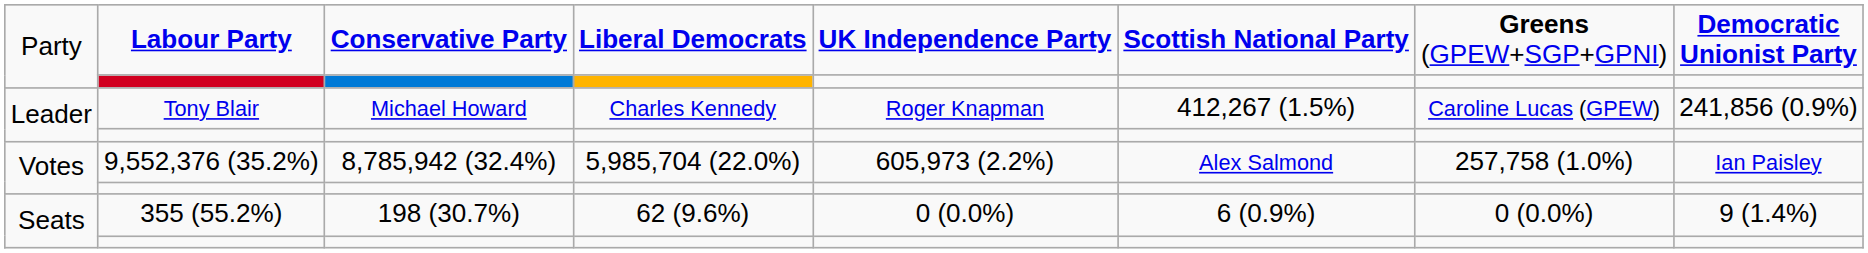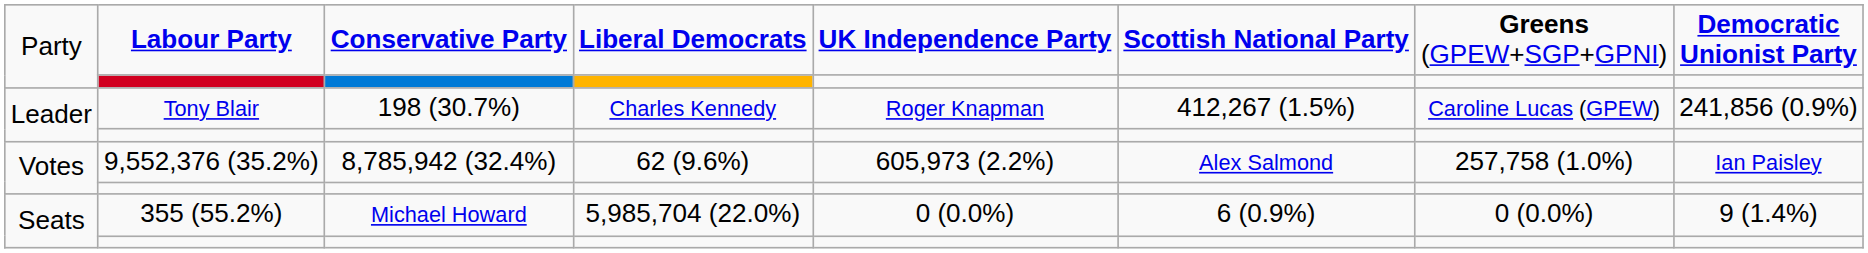 <table class="wikitable" style="text-align:center;">
 <tr>
 <td rowspan=2>Party</td>
 <td><strong><a href='#'>Labour Party</a></strong></td>
 <td><strong><a href='#'>Conservative Party</a></strong></td>
 <td><strong><a href='#'>Liberal Democrats</a></strong></td>
 <td><strong><a href='#'>UK Independence Party</a></strong></td>
 <td><strong><a href='#'>Scottish National Party</a></strong></td>
 <td><strong>Greens</strong><br>(<a href='#'>GPEW</a>+<a href='#'>SGP</a>+<a href='#'>GPNI</a>)</td>
 <td><strong><a href='#'>Democratic <br>Unionist Party</a></strong></td>
 </tr>
 <tr>
 <td style="color:inherit;background:#D10020;"></td>
 <td style="color:inherit;background:#007AD7;"></td>
 <td style="color:inherit;background:#FFB400;"></td>
 <td style="color:inherit;background:"></td>
 <td style="color:inherit;background:"></td>
 <td style="color:inherit;background:"></td>
 <td style="color:inherit;background:"></td>
 </tr>
 <tr>
 <td rowspan=2>Leader</td>
 <td><small><a href='#'>Tony Blair</a></small></td>
-<td><small><a href='#'>Michael Howard</a></small></td>
+<td>198 (30.7%)</td>
 <td><small><a href='#'>Charles Kennedy</a></small></td>
 <td><small><a href='#'>Roger Knapman</a></small></td>
 <td>412,267 (1.5%)</td>
 <td><small><a href='#'>Caroline Lucas</a> (<a href='#'>GPEW</a>)</small></td>
 <td>241,856 (0.9%)</td>
 </tr>
 <tr>
 <td></td>
 <td></td>
 <td></td>
 <td></td>
 <td></td>
 <td></td>
 <td></td>
 </tr>
 <tr>
 <td rowspan=2>Votes</td>
 <td>9,552,376 (35.2%)</td>
 <td>8,785,942 (32.4%)</td>
-<td>5,985,704 (22.0%)</td>
+<td>62 (9.6%)</td>
 <td>605,973 (2.2%)</td>
 <td><small><a href='#'>Alex Salmond</a></small></td>
 <td>257,758 (1.0%)</td>
 <td><small><a href='#'>Ian Paisley</a> </small></td>
 </tr>
 <tr>
 <td></td>
 <td></td>
 <td></td>
 <td></td>
 <td></td>
 <td></td>
 <td></td>
 </tr>
 <tr>
 <td rowspan=2>Seats</td>
 <td>355 (55.2%)</td>
-<td>198 (30.7%)</td>
-<td>62 (9.6%)</td>
+<td><small><a href='#'>Michael Howard</a></small></td>
+<td>5,985,704 (22.0%)</td>
 <td>0 (0.0%)</td>
 <td>6 (0.9%)</td>
 <td>0 (0.0%)</td>
 <td>9 (1.4%)</td>
 </tr>
 <tr>
 <td></td>
 <td></td>
 <td></td>
 <td></td>
 <td></td>
 <td></td>
 <td></td>
 </tr>
 </table>
